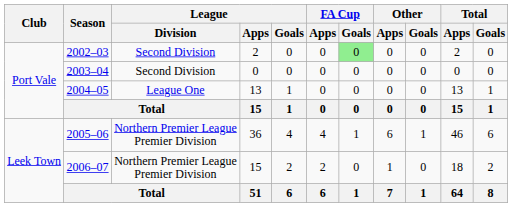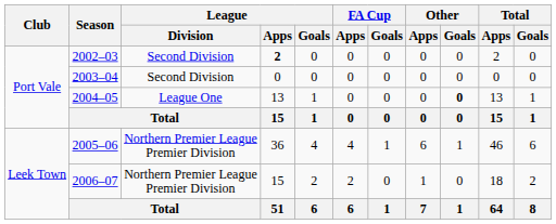 <table class="wikitable" style="text-align:center">
 <tr>
 <th rowspan="2">Club</th>
 <th rowspan="2">Season</th>
 <th colspan="3">League</th>
 <th colspan="2"><a href='#'>FA Cup</a></th>
 <th colspan="2">Other</th>
 <th colspan="2">Total</th>
 </tr>
 <tr>
 <th>Division</th>
 <th>Apps</th>
 <th>Goals</th>
 <th>Apps</th>
 <th>Goals</th>
 <th>Apps</th>
 <th>Goals</th>
 <th>Apps</th>
 <th>Goals</th>
 </tr>
 <tr>
 <td rowspan="4"><a href='#'>Port Vale</a></td>
 <td><a href='#'>2002–03</a></td>
 <td><a href='#'>Second Division</a></td>
-<td>2</td>
+<td><strong>2</strong></td>
 <td>0</td>
 <td>0</td>
-<td style="background: lightgreen;">0</td>
+<td>0</td>
 <td>0</td>
 <td>0</td>
 <td>2</td>
 <td>0</td>
 </tr>
 <tr>
 <td><a href='#'>2003–04</a></td>
 <td>Second Division</td>
 <td>0</td>
 <td>0</td>
 <td>0</td>
 <td>0</td>
 <td>0</td>
 <td>0</td>
 <td>0</td>
 <td>0</td>
 </tr>
 <tr>
 <td><a href='#'>2004–05</a></td>
 <td><a href='#'>League One</a></td>
 <td>13</td>
 <td>1</td>
 <td>0</td>
 <td>0</td>
 <td>0</td>
-<td>0</td>
+<td><strong>0</strong></td>
 <td>13</td>
 <td>1</td>
 </tr>
 <tr>
 <th colspan="2">Total</th>
 <th>15</th>
 <th>1</th>
 <th>0</th>
 <th>0</th>
 <th>0</th>
 <th>0</th>
 <th>15</th>
 <th>1</th>
 </tr>
 <tr>
 <td rowspan="3"><a href='#'>Leek Town</a></td>
 <td><a href='#'>2005–06</a></td>
 <td><a href='#'>Northern Premier League</a><br>Premier Division</td>
 <td>36</td>
 <td>4</td>
 <td>4</td>
 <td>1</td>
 <td>6</td>
 <td>1</td>
 <td>46</td>
 <td>6</td>
 </tr>
 <tr>
 <td><a href='#'>2006–07</a></td>
 <td>Northern Premier League<br>Premier Division</td>
 <td>15</td>
 <td>2</td>
 <td>2</td>
 <td>0</td>
 <td>1</td>
 <td>0</td>
 <td>18</td>
 <td>2</td>
 </tr>
 <tr>
 <th colspan="2">Total</th>
 <th>51</th>
 <th>6</th>
 <th>6</th>
 <th>1</th>
 <th>7</th>
 <th>1</th>
 <th>64</th>
 <th>8</th>
 </tr>
 </table>
